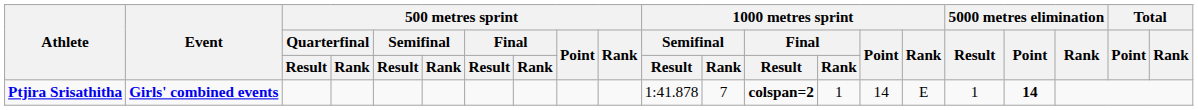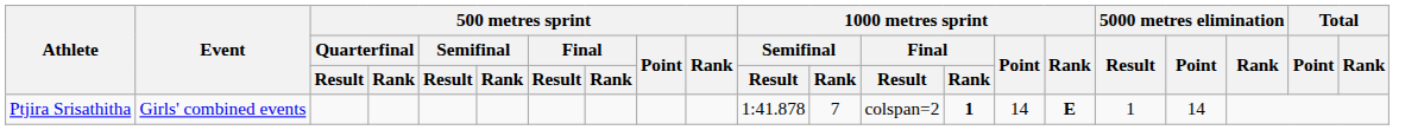 <table class=wikitable style=font-size:90%;text-align:center>
 <tr>
 <th rowspan=3>Athlete</th>
 <th rowspan=3>Event</th>
 <th colspan=8>500 metres sprint</th>
 <th colspan=6>1000 metres sprint</th>
 <th colspan=3>5000 metres elimination</th>
 <th colspan=2>Total</th>
 </tr>
 <tr>
 <th colspan=2>Quarterfinal</th>
 <th colspan=2>Semifinal</th>
 <th colspan=2>Final</th>
 <th rowspan=2>Point</th>
 <th rowspan=2>Rank</th>
 <th colspan=2>Semifinal</th>
 <th colspan=2>Final</th>
 <th rowspan=2>Point</th>
 <th rowspan=2>Rank</th>
 <th rowspan=2>Result</th>
 <th rowspan=2>Point</th>
 <th rowspan=2>Rank</th>
 <th rowspan=2>Point</th>
 <th rowspan=2>Rank</th>
 </tr>
 <tr>
 <th>Result</th>
 <th>Rank</th>
 <th>Result</th>
 <th>Rank</th>
 <th>Result</th>
 <th>Rank</th>
 <th>Result</th>
 <th>Rank</th>
 <th>Result</th>
 <th>Rank</th>
 </tr>
 <tr align=center>
-<td align=left><strong><a href='#'>Ptjira Srisathitha</a></strong></td>
-<td align=left><strong><a href='#'>Girls' combined events</a></strong></td>
+<td align=left><a href='#'>Ptjira Srisathitha</a></td>
+<td align=left><a href='#'>Girls' combined events</a></td>
 <td></td>
 <td></td>
 <td></td>
 <td></td>
 <td></td>
 <td></td>
 <td></td>
 <td></td>
 <td>1:41.878</td>
 <td>7</td>
-<td><strong>colspan=2 </strong></td>
+<td>colspan=2 </td>
+<td><strong>1</strong></td>
+<td>14</td>
+<td><strong>E</strong></td>
 <td>1</td>
 <td>14</td>
-<td>E</td>
-<td>1</td>
-<td><strong>14</strong></td>
 </tr>
 </table>
